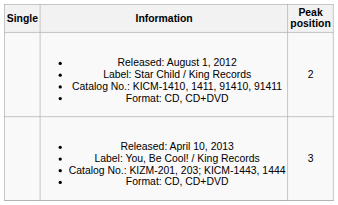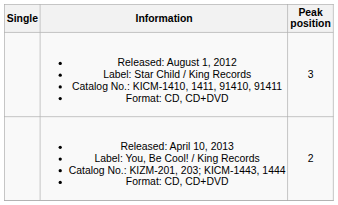 <table class="wikitable" style="text-align: center">
 <tr>
 <th>Single</th>
 <th>Information</th>
 <th>Peak<br>position</th>
 </tr>
 <tr>
 <td></td>
 <td><br><ul><li>Released: August 1, 2012</li><li>Label: Star Child / King Records</li><li>Catalog No.: KICM-1410, 1411, 91410, 91411</li><li>Format: CD, CD+DVD</li></ul></td>
-<td>2</td>
+<td>3</td>
 </tr>
 <tr>
 <td></td>
 <td><br><ul><li>Released: April 10, 2013</li><li>Label: You, Be Cool! / King Records</li><li>Catalog No.: KIZM-201, 203; KICM-1443, 1444</li><li>Format: CD, CD+DVD</li></ul></td>
-<td>3</td>
+<td>2</td>
 </tr>
 <tr>
 </tr>
 </table>
